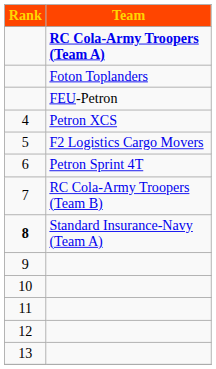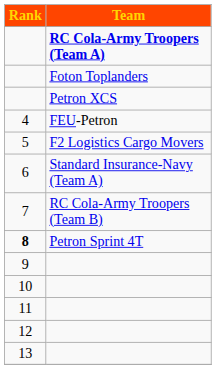 <table class="wikitable" style="text-align: center;">
 <tr>
 <th width=40 style="background:#FF4500; color:#FFD700;">Rank</th>
 <th width=180 style="background:#FF4500; color:#FFD700;">Team</th>
 </tr>
 <tr>
 <td></td>
 <td align="left"><strong><a href='#'>RC Cola-Army Troopers (Team A)</a></strong></td>
 </tr>
 <tr>
 <td></td>
 <td align="left"><a href='#'>Foton Toplanders</a></td>
 </tr>
 <tr>
 <td></td>
-<td align="left"><a href='#'>FEU</a>-Petron</td>
+<td align="left"><a href='#'>Petron XCS</a></td>
 </tr>
 <tr>
 <td>4</td>
-<td align="left"><a href='#'>Petron XCS</a></td>
+<td align="left"><a href='#'>FEU</a>-Petron</td>
 </tr>
 <tr>
 <td>5</td>
 <td align="left"><a href='#'>F2 Logistics Cargo Movers</a></td>
 </tr>
 <tr>
 <td>6</td>
-<td align="left"><a href='#'>Petron Sprint 4T</a></td>
+<td align="left"><a href='#'>Standard Insurance-Navy (Team A)</a></td>
 </tr>
 <tr>
 <td>7</td>
 <td align="left"><a href='#'>RC Cola-Army Troopers (Team B)</a></td>
 </tr>
 <tr>
 <td><strong>8</strong></td>
-<td align="left"><a href='#'>Standard Insurance-Navy (Team A)</a></td>
+<td align="left"><a href='#'>Petron Sprint 4T</a></td>
 </tr>
 <tr>
 <td>9</td>
 <td align="left"></td>
 </tr>
 <tr>
 <td>10</td>
 <td align="left"></td>
 </tr>
 <tr>
 <td>11</td>
 <td align="left"></td>
 </tr>
 <tr>
 <td>12</td>
 <td align="left"></td>
 </tr>
 <tr>
 <td>13</td>
 <td align="left"></td>
 </tr>
 <tr>
 </tr>
 </table>
